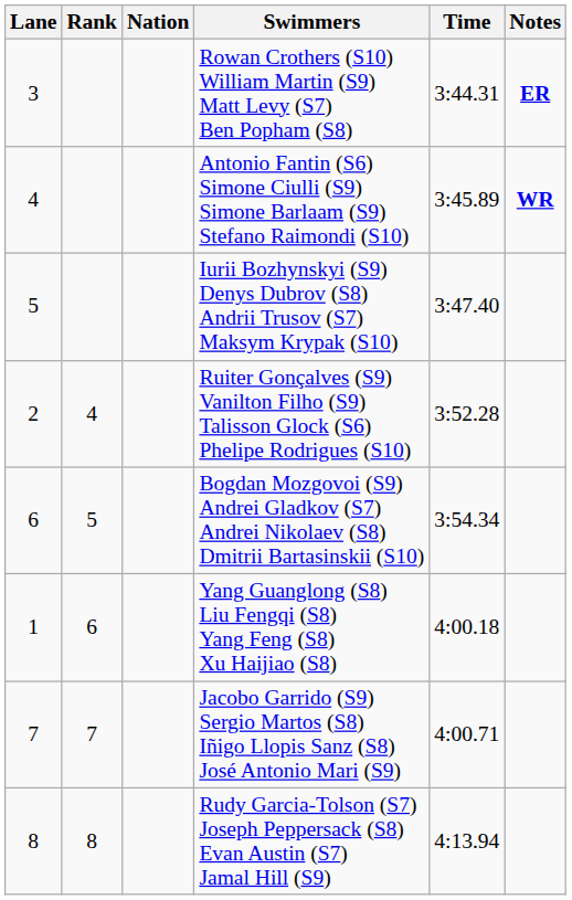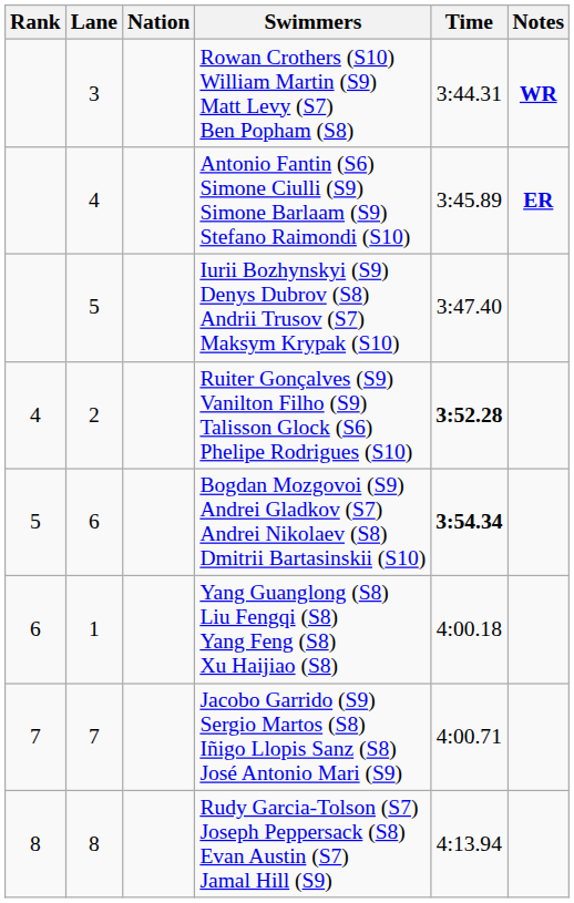 <table class="wikitable sortable" style="text-align:center">
 <tr>
+<th>Rank</th>
 <th>Lane</th>
-<th>Rank</th>
 <th>Nation</th>
 <th>Swimmers</th>
 <th>Time</th>
 <th>Notes</th>
 </tr>
 <tr>
+<td></td>
 <td>3</td>
-<td></td>
 <td align=left></td>
 <td align=left><a href='#'>Rowan Crothers</a> (<a href='#'>S10</a>)<br><a href='#'>William Martin</a> (<a href='#'>S9</a>)<br><a href='#'>Matt Levy</a> (<a href='#'>S7</a>)<br><a href='#'>Ben Popham</a> (<a href='#'>S8</a>)</td>
 <td>3:44.31</td>
+<td><strong><a href='#'>WR</a></strong></td>
+</tr>
+<tr>
+<td></td>
+<td>4</td>
+<td align=left></td>
+<td align=left><a href='#'>Antonio Fantin</a> (<a href='#'>S6</a>)<br><a href='#'>Simone Ciulli</a> (<a href='#'>S9</a>)<br><a href='#'>Simone Barlaam</a> (<a href='#'>S9</a>) <br><a href='#'>Stefano Raimondi</a> (<a href='#'>S10</a>)</td>
+<td>3:45.89</td>
 <td><strong><a href='#'>ER</a></strong></td>
 </tr>
 <tr>
-<td>4</td>
 <td></td>
-<td align=left></td>
-<td align=left><a href='#'>Antonio Fantin</a> (<a href='#'>S6</a>)<br><a href='#'>Simone Ciulli</a> (<a href='#'>S9</a>)<br><a href='#'>Simone Barlaam</a> (<a href='#'>S9</a>) <br><a href='#'>Stefano Raimondi</a> (<a href='#'>S10</a>)</td>
-<td>3:45.89</td>
-<td><strong><a href='#'>WR</a></strong></td>
-</tr>
-<tr>
 <td>5</td>
-<td></td>
 <td align=left></td>
 <td align=left><a href='#'>Iurii Bozhynskyi</a> (<a href='#'>S9</a>)<br><a href='#'>Denys Dubrov</a> (<a href='#'>S8</a>)<br><a href='#'>Andrii Trusov</a> (<a href='#'>S7</a>)<br><a href='#'>Maksym Krypak</a> (<a href='#'>S10</a>)</td>
 <td>3:47.40</td>
 <td></td>
 </tr>
 <tr>
+<td>4</td>
 <td>2</td>
-<td>4</td>
 <td align=left></td>
 <td align=left><a href='#'>Ruiter Gonçalves</a> (<a href='#'>S9</a>)<br><a href='#'>Vanilton Filho</a> (<a href='#'>S9</a>) <br><a href='#'>Talisson Glock</a> (<a href='#'>S6</a>)<br><a href='#'>Phelipe Rodrigues</a> (<a href='#'>S10</a>)</td>
-<td>3:52.28</td>
+<td><strong>3:52.28</strong></td>
+<td></td>
+</tr>
+<tr>
+<td>5</td>
+<td>6</td>
+<td align=left></td>
+<td align=left><a href='#'>Bogdan Mozgovoi</a> (<a href='#'>S9</a>)<br><a href='#'>Andrei Gladkov</a> (<a href='#'>S7</a>)<br><a href='#'>Andrei Nikolaev</a> (<a href='#'>S8</a>)<br><a href='#'>Dmitrii Bartasinskii</a> (<a href='#'>S10</a>)</td>
+<td><strong>3:54.34</strong></td>
 <td></td>
 </tr>
 <tr>
 <td>6</td>
-<td>5</td>
-<td align=left></td>
-<td align=left><a href='#'>Bogdan Mozgovoi</a> (<a href='#'>S9</a>)<br><a href='#'>Andrei Gladkov</a> (<a href='#'>S7</a>)<br><a href='#'>Andrei Nikolaev</a> (<a href='#'>S8</a>)<br><a href='#'>Dmitrii Bartasinskii</a> (<a href='#'>S10</a>)</td>
-<td>3:54.34</td>
-<td></td>
-</tr>
-<tr>
 <td>1</td>
-<td>6</td>
 <td align=left></td>
 <td align=left><a href='#'>Yang Guanglong</a> (<a href='#'>S8</a>)<br><a href='#'>Liu Fengqi</a> (<a href='#'>S8</a>)<br><a href='#'>Yang Feng</a> (<a href='#'>S8</a>)<br><a href='#'>Xu Haijiao</a> (<a href='#'>S8</a>)</td>
 <td>4:00.18</td>
 <td></td>
 </tr>
 <tr>
 <td>7</td>
 <td>7</td>
 <td align=left></td>
 <td align=left><a href='#'>Jacobo Garrido</a> (<a href='#'>S9</a>)<br><a href='#'>Sergio Martos</a> (<a href='#'>S8</a>)<br><a href='#'>Iñigo Llopis Sanz</a> (<a href='#'>S8</a>)<br><a href='#'>José Antonio Mari</a> (<a href='#'>S9</a>)</td>
 <td>4:00.71</td>
 <td></td>
 </tr>
 <tr>
 <td>8</td>
 <td>8</td>
 <td align=left></td>
 <td align=left><a href='#'>Rudy Garcia-Tolson</a> (<a href='#'>S7</a>)<br><a href='#'>Joseph Peppersack</a> (<a href='#'>S8</a>)<br><a href='#'>Evan Austin</a> (<a href='#'>S7</a>)<br><a href='#'>Jamal Hill</a> (<a href='#'>S9</a>)</td>
 <td>4:13.94</td>
 <td></td>
 </tr>
 </table>
